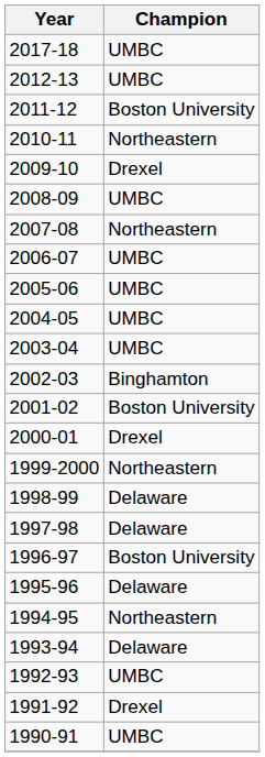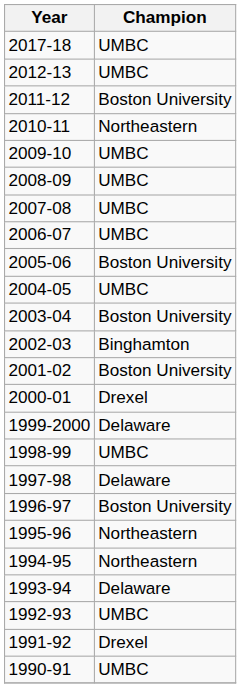 <table class="wikitable sortable">
 <tr>
 <th>Year</th>
 <th>Champion</th>
 </tr>
 <tr>
 <td>2017-18</td>
 <td>UMBC</td>
 </tr>
 <tr>
 <td>2012-13</td>
 <td>UMBC</td>
 </tr>
 <tr>
 <td>2011-12</td>
 <td>Boston University</td>
 </tr>
 <tr>
 <td>2010-11</td>
 <td>Northeastern</td>
 </tr>
 <tr>
 <td>2009-10</td>
-<td>Drexel</td>
+<td>UMBC</td>
 </tr>
 <tr>
 <td>2008-09</td>
 <td>UMBC</td>
 </tr>
 <tr>
 <td>2007-08</td>
-<td>Northeastern</td>
+<td>UMBC</td>
 </tr>
 <tr>
 <td>2006-07</td>
 <td>UMBC</td>
 </tr>
 <tr>
 <td>2005-06</td>
-<td>UMBC</td>
+<td>Boston University</td>
 </tr>
 <tr>
 <td>2004-05</td>
 <td>UMBC</td>
 </tr>
 <tr>
 <td>2003-04</td>
-<td>UMBC</td>
+<td>Boston University</td>
 </tr>
 <tr>
 <td>2002-03</td>
 <td>Binghamton</td>
 </tr>
 <tr>
 <td>2001-02</td>
 <td>Boston University</td>
 </tr>
 <tr>
 <td>2000-01</td>
 <td>Drexel</td>
 </tr>
 <tr>
 <td>1999-2000</td>
-<td>Northeastern</td>
+<td>Delaware</td>
 </tr>
 <tr>
 <td>1998-99</td>
-<td>Delaware</td>
+<td>UMBC</td>
 </tr>
 <tr>
 <td>1997-98</td>
 <td>Delaware</td>
 </tr>
 <tr>
 <td>1996-97</td>
 <td>Boston University</td>
 </tr>
 <tr>
 <td>1995-96</td>
-<td>Delaware</td>
+<td>Northeastern</td>
 </tr>
 <tr>
 <td>1994-95</td>
 <td>Northeastern</td>
 </tr>
 <tr>
 <td>1993-94</td>
 <td>Delaware</td>
 </tr>
 <tr>
 <td>1992-93</td>
 <td>UMBC</td>
 </tr>
 <tr>
 <td>1991-92</td>
 <td>Drexel</td>
 </tr>
 <tr>
 <td>1990-91</td>
 <td>UMBC</td>
 </tr>
 <tr>
 </tr>
 </table>
